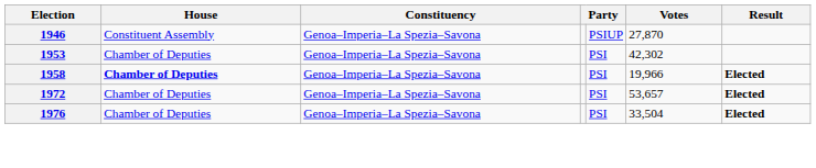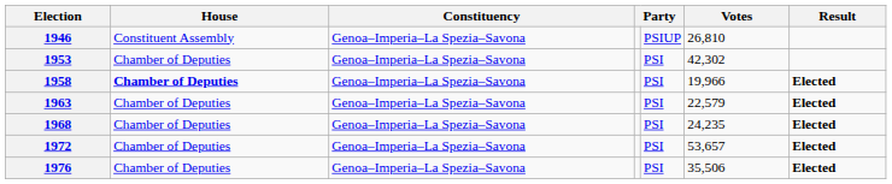 <table class=wikitable style="width:65%; border:1px #AAAAFF solid">
 <tr>
 <th width=12%>Election</th>
 <th width=25%>House</th>
 <th width=35%>Constituency</th>
 <th width=5% colspan="2">Party</th>
 <th width=12%>Votes</th>
 <th width=12%>Result</th>
 </tr>
 <tr>
 <th><a href='#'>1946</a></th>
 <td><a href='#'>Constituent Assembly</a></td>
 <td><a href='#'>Genoa–Imperia–La Spezia–Savona</a></td>
 <td></td>
 <td><a href='#'>PSIUP</a></td>
-<td>27,870</td>
+<td>26,810</td>
 <td></td>
 </tr>
 <tr>
 <th><a href='#'>1953</a></th>
 <td><a href='#'>Chamber of Deputies</a></td>
 <td><a href='#'>Genoa–Imperia–La Spezia–Savona</a></td>
 <td></td>
 <td><a href='#'>PSI</a></td>
 <td>42,302</td>
 <td></td>
 </tr>
 <tr>
 <th><a href='#'>1958</a></th>
 <td><strong><a href='#'>Chamber of Deputies</a></strong></td>
 <td><a href='#'>Genoa–Imperia–La Spezia–Savona</a></td>
 <td></td>
 <td><a href='#'>PSI</a></td>
 <td>19,966</td>
 <td> <strong>Elected</strong></td>
 </tr>
 <tr>
+<th><a href='#'>1963</a></th>
+<td><a href='#'>Chamber of Deputies</a></td>
+<td><a href='#'>Genoa–Imperia–La Spezia–Savona</a></td>
+<td></td>
+<td><a href='#'>PSI</a></td>
+<td>22,579</td>
+<td> <strong>Elected</strong></td>
+</tr>
+<tr>
+<th><a href='#'>1968</a></th>
+<td><a href='#'>Chamber of Deputies</a></td>
+<td><a href='#'>Genoa–Imperia–La Spezia–Savona</a></td>
+<td></td>
+<td><a href='#'>PSI</a></td>
+<td>24,235</td>
+<td> <strong>Elected</strong></td>
+</tr>
+<tr>
 <th><a href='#'>1972</a></th>
 <td><a href='#'>Chamber of Deputies</a></td>
 <td><a href='#'>Genoa–Imperia–La Spezia–Savona</a></td>
 <td></td>
 <td><a href='#'>PSI</a></td>
 <td>53,657</td>
 <td> <strong>Elected</strong></td>
 </tr>
 <tr>
 <th><a href='#'>1976</a></th>
 <td><a href='#'>Chamber of Deputies</a></td>
 <td><a href='#'>Genoa–Imperia–La Spezia–Savona</a></td>
 <td></td>
 <td><a href='#'>PSI</a></td>
-<td>33,504</td>
+<td>35,506</td>
 <td> <strong>Elected</strong></td>
 </tr>
 </table>
